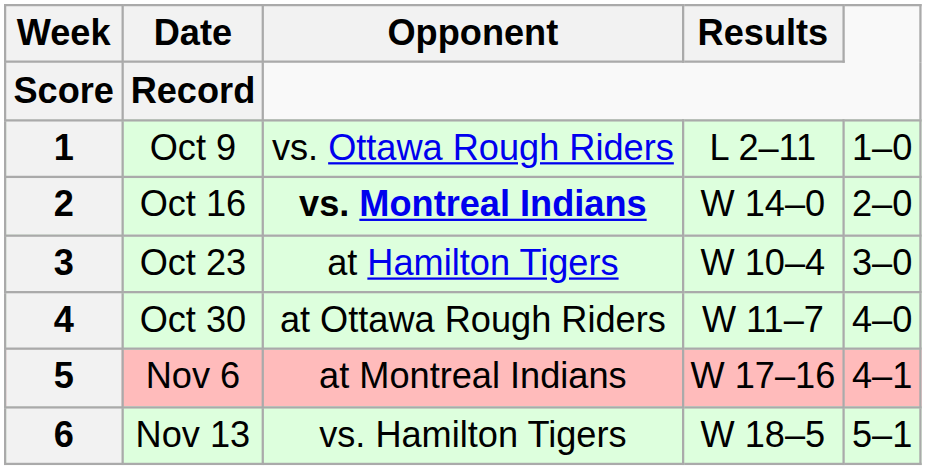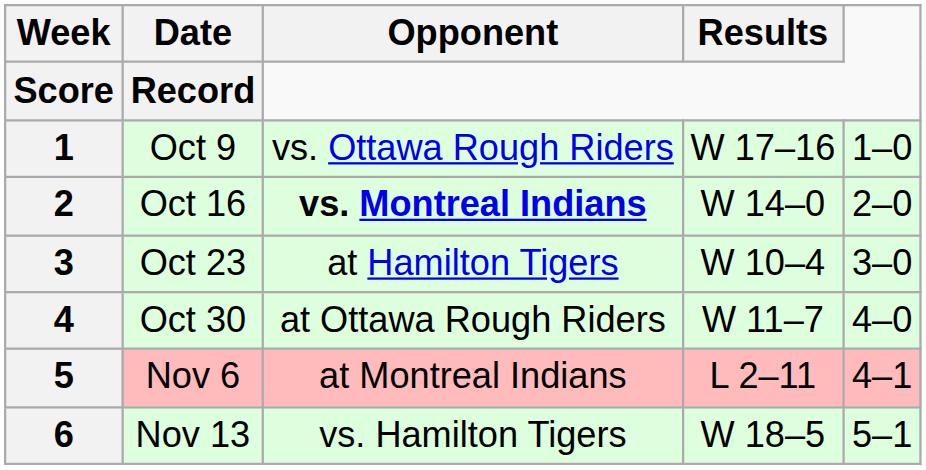 <table class="wikitable" style="text-align:center">
 <tr>
 <th>Week</th>
 <th>Date</th>
 <th>Opponent</th>
 <th>Results</th>
 </tr>
 <tr>
 <th>Score</th>
 <th>Record</th>
 </tr>
 <tr style="background:#ddffdd">
 <th>1</th>
 <td>Oct 9</td>
 <td>vs. <a href='#'>Ottawa Rough Riders</a></td>
-<td>L 2–11</td>
+<td>W 17–16</td>
 <td>1–0</td>
 </tr>
 <tr style="background:#ddffdd">
 <th>2</th>
 <td>Oct 16</td>
 <td><strong>vs. <a href='#'>Montreal Indians</a></strong></td>
 <td>W 14–0</td>
 <td>2–0</td>
 </tr>
 <tr style="background:#ddffdd">
 <th>3</th>
 <td>Oct 23</td>
 <td>at <a href='#'>Hamilton Tigers</a></td>
 <td>W 10–4</td>
 <td>3–0</td>
 </tr>
 <tr style="background:#ddffdd">
 <th>4</th>
 <td>Oct 30</td>
 <td>at Ottawa Rough Riders</td>
 <td>W 11–7</td>
 <td>4–0</td>
 </tr>
 <tr style="background:#ffbbbb">
 <th>5</th>
 <td>Nov 6</td>
 <td>at Montreal Indians</td>
-<td>W 17–16</td>
+<td>L 2–11</td>
 <td>4–1</td>
 </tr>
 <tr style="background:#ddffdd">
 <th>6</th>
 <td>Nov 13</td>
 <td>vs. Hamilton Tigers</td>
 <td>W 18–5</td>
 <td>5–1</td>
 </tr>
 </table>
